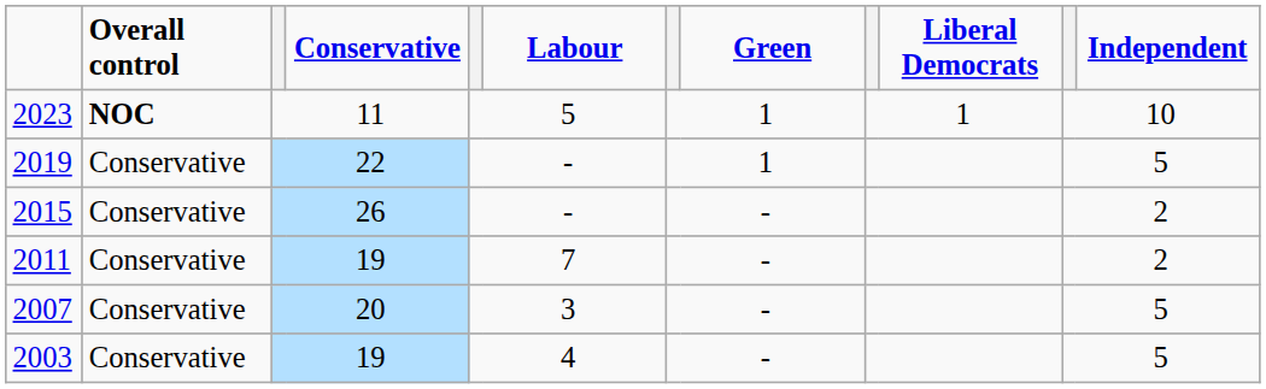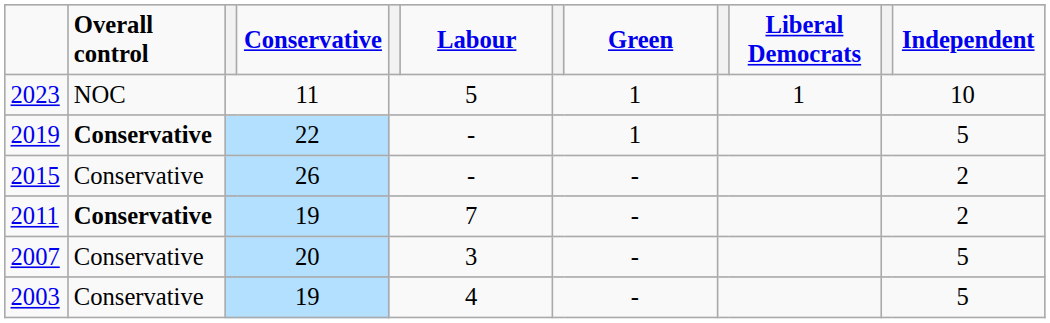 <table class="wikitable" style="text-align:left; padding-left:1em; font-size: 95%">
 <tr>
 <td width=32></td>
 <td width=90><strong>Overall control</strong></td>
 <th style="background-color: "></th>
 <td width=87 align="center"><strong><a href='#'>Conservative</a></strong></td>
 <th style="background-color: "></th>
 <td width=87 align="center"><strong><a href='#'>Labour</a></strong></td>
 <th style="background-color: "></th>
 <td width=87 align="center"><strong><a href='#'>Green</a></strong></td>
 <th style="background-color: "></th>
 <td width=87 align="center"><strong><a href='#'>Liberal Democrats</a></strong></td>
 <th style="background-color: "></th>
 <td width=87 align="center"><strong><a href='#'>Independent</a></strong></td>
 </tr>
 <tr>
 <td><a href='#'>2023</a></td>
-<td><strong>NOC</strong></td>
+<td>NOC</td>
 <td colspan=2 align="center">11</td>
 <td colspan=2 align="center">5</td>
 <td colspan=2 align="center">1</td>
 <td colspan=2 align="center">1</td>
 <td colspan=2 align="center">10</td>
 </tr>
 <tr>
 <td><a href='#'>2019</a></td>
-<td style="background:">Conservative</td>
+<td style="background:"><strong>Conservative</strong></td>
 <td colspan=2 align="center" style="background:#B3E0FF">22</td>
 <td colspan=2 align="center">-</td>
 <td colspan=2 align="center">1</td>
 <td colspan=2 align="center"></td>
 <td colspan=2 align="center">5</td>
 </tr>
 <tr>
 <td><a href='#'>2015</a></td>
 <td style="background:">Conservative</td>
 <td colspan=2 align="center" style="background:#B3E0FF">26</td>
 <td colspan=2 align="center">-</td>
 <td colspan=2 align="center">-</td>
 <td colspan=2 align="center"></td>
 <td colspan=2 align="center">2</td>
 </tr>
 <tr>
 <td><a href='#'>2011</a></td>
-<td style="background:">Conservative</td>
+<td style="background:"><strong>Conservative</strong></td>
 <td colspan=2 align="center" style="background:#B3E0FF">19</td>
 <td colspan=2 align="center">7</td>
 <td colspan=2 align="center">-</td>
 <td colspan=2 align="center"></td>
 <td colspan=2 align="center">2</td>
 </tr>
 <tr>
 <td><a href='#'>2007</a></td>
 <td style="background:">Conservative</td>
 <td colspan=2 align="center" style="background:#B3E0FF">20</td>
 <td colspan=2 align="center">3</td>
 <td colspan=2 align="center">-</td>
 <td colspan=2 align="center"></td>
 <td colspan=2 align="center">5</td>
 </tr>
 <tr>
 <td><a href='#'>2003</a></td>
 <td style="background:">Conservative</td>
 <td colspan=2 align="center" style="background:#B3E0FF">19</td>
 <td colspan=2 align="center">4</td>
 <td colspan=2 align="center">-</td>
 <td colspan=2 align="center"></td>
 <td colspan=2 align="center">5</td>
 </tr>
 </table>
